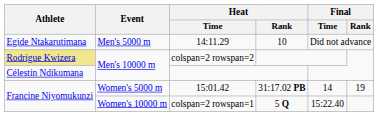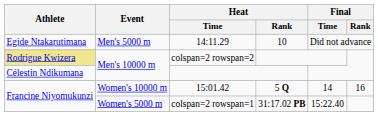 <table class="wikitable" style="font-size:90%">
 <tr>
 <th rowspan="2">Athlete</th>
 <th rowspan="2">Event</th>
 <th colspan="2">Heat</th>
 <th colspan="2">Final</th>
 </tr>
 <tr style="font-size:95%">
 <th>Time</th>
 <th>Rank</th>
 <th>Time</th>
 <th>Rank</th>
 </tr>
 <tr align=center>
 <td align=left><a href='#'>Egide Ntakarutimana</a></td>
 <td align=left><a href='#'>Men's 5000 m</a></td>
 <td>14:11.29</td>
 <td>10</td>
 <td colspan="2">Did not advance</td>
 </tr>
 <tr align=center>
 <td align=left style="background: khaki;"><a href='#'>Rodrigue Kwizera</a></td>
 <td align=left rowspan=2><a href='#'>Men's 10000 m</a></td>
 <td>colspan=2 rowspan=2 </td>
 <td align=center colspan=2></td>
 </tr>
 <tr align=center>
 <td align=left><a href='#'>Célestin Ndikumana</a></td>
 <td align=center colspan=2></td>
 </tr>
 <tr align=center>
 <td align=left rowspan=2><a href='#'>Francine Niyomukunzi</a></td>
-<td align=left><a href='#'>Women's 5000 m</a></td>
+<td align=left><a href='#'>Women's 10000 m</a></td>
 <td>15:01.42</td>
-<td>31:17.02 <strong>PB</strong></td>
+<td>5 <strong>Q</strong></td>
 <td>14</td>
-<td>19</td>
+<td>16</td>
 </tr>
 <tr align=center>
-<td align=left><a href='#'>Women's 10000 m</a></td>
+<td align=left><a href='#'>Women's 5000 m</a></td>
 <td>colspan=2 rowspan=1 </td>
-<td>5 <strong>Q</strong></td>
+<td>31:17.02 <strong>PB</strong></td>
 <td>15:22.40</td>
 </tr>
 </table>
